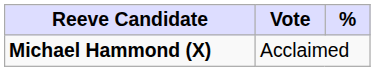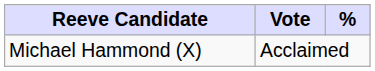 <table class="wikitable">
 <tr>
 <th style="background:#ddf; width:200px;">Reeve Candidate </th>
 <th style="background:#ddf; width:50px;">Vote</th>
 <th style="background:#ddf; width:30px;">%</th>
 </tr>
 <tr>
-<td><strong>Michael Hammond (X)</strong></td>
+<td>Michael Hammond (X)</td>
 <td colspan="2">Acclaimed</td>
 </tr>
 </table>
